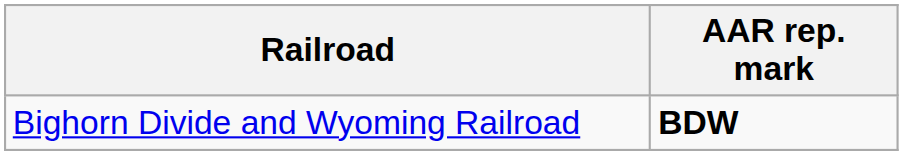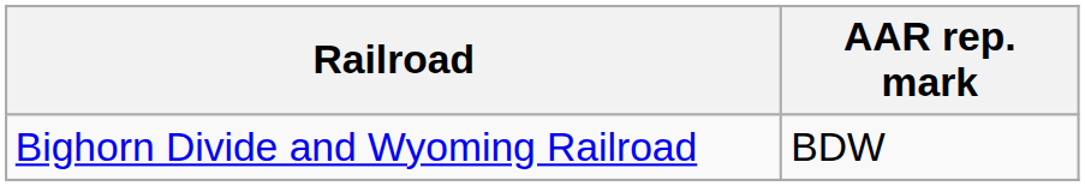 <table class="wikitable" border="1">
 <tr>
 <th width="300px">Railroad</th>
 <th width="110px">AAR rep. mark</th>
 </tr>
 <tr>
 <td width="300px"><a href='#'>Bighorn Divide and Wyoming Railroad</a></td>
-<td width="110px"><strong>BDW</strong></td>
+<td width="110px">BDW</td>
 </tr>
 </table>
